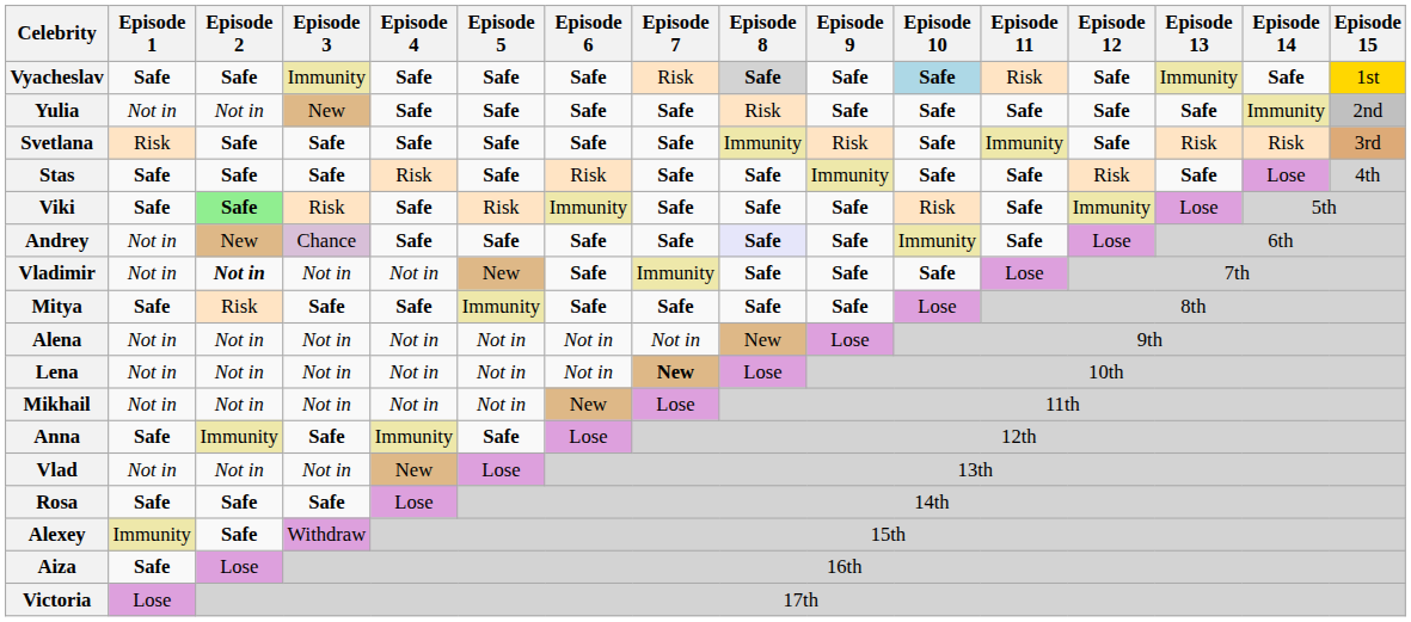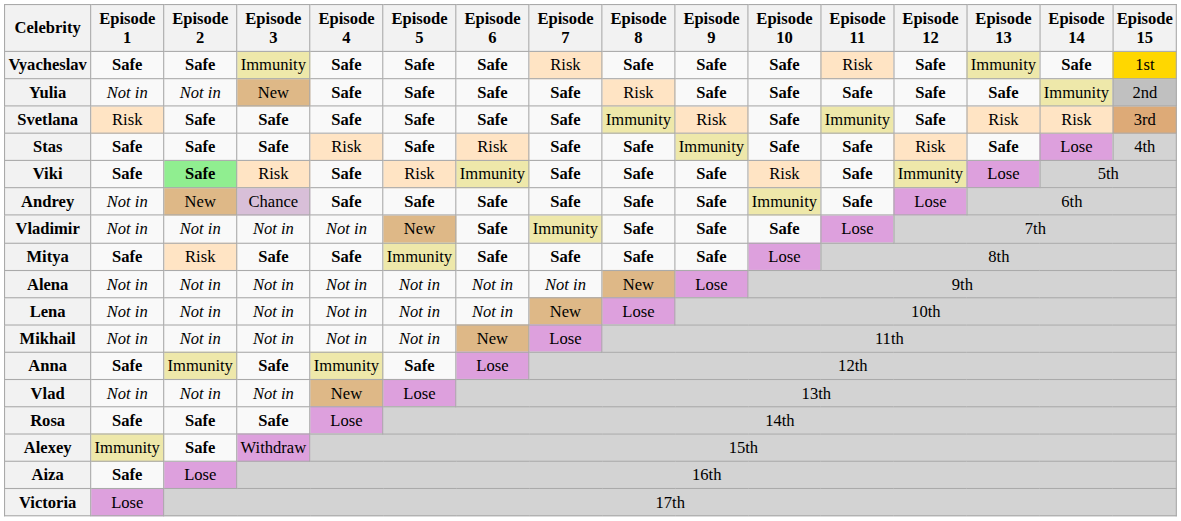 <table class="wikitable" style="text-align:center; font-size:95%; width:100%;">
 <tr>
 <th style="width:6%">Celebrity</th>
 <th style="width:6%">Episode 1</th>
 <th style="width:6%">Episode 2</th>
 <th style="width:6%">Episode 3</th>
 <th style="width:6%">Episode 4</th>
 <th style="width:6%">Episode 5</th>
 <th style="width:6%">Episode 6</th>
 <th style="width:6%">Episode 7</th>
 <th style="width:6%">Episode 8</th>
 <th style="width:6%">Episode 9</th>
 <th style="width:6%">Episode 10</th>
 <th style="width:6%">Episode 11</th>
 <th style="width:6%">Episode 12</th>
 <th style="width:6%">Episode 13</th>
 <th style="width:6%">Episode 14</th>
 <th style="width:6%">Episode 15</th>
 </tr>
 <tr>
 <th>Vyacheslav</th>
 <td><strong>Safe</strong></td>
 <td><strong>Safe</strong></td>
 <td style="background:#EEE8AA">Immunity</td>
 <td><strong>Safe</strong></td>
 <td><strong>Safe</strong></td>
 <td><strong>Safe</strong></td>
 <td style="background:#FFE4C4">Risk</td>
-<td style="background: lightgrey;"><strong>Safe</strong></td>
 <td><strong>Safe</strong></td>
-<td style="background: lightblue;"><strong>Safe</strong></td>
+<td><strong>Safe</strong></td>
+<td><strong>Safe</strong></td>
 <td style="background:#FFE4C4">Risk</td>
 <td><strong>Safe</strong></td>
 <td style="background:#EEE8AA">Immunity</td>
 <td><strong>Safe</strong></td>
 <td style="background:gold">1st</td>
 </tr>
 <tr>
 <th>Yulia</th>
 <td><em>Not in</em></td>
 <td><em>Not in</em></td>
 <td style="background:#DEB887">New</td>
 <td><strong>Safe</strong></td>
 <td><strong>Safe</strong></td>
 <td><strong>Safe</strong></td>
 <td><strong>Safe</strong></td>
 <td style="background:#FFE4C4">Risk</td>
 <td><strong>Safe</strong></td>
 <td><strong>Safe</strong></td>
 <td><strong>Safe</strong></td>
 <td><strong>Safe</strong></td>
 <td><strong>Safe</strong></td>
 <td style="background:#EEE8AA">Immunity</td>
 <td style="background:silver">2nd</td>
 </tr>
 <tr>
 <th>Svetlana</th>
 <td style="background:#FFE4C4">Risk</td>
 <td><strong>Safe</strong></td>
 <td><strong>Safe</strong></td>
 <td><strong>Safe</strong></td>
 <td><strong>Safe</strong></td>
 <td><strong>Safe</strong></td>
 <td><strong>Safe</strong></td>
 <td style="background:#EEE8AA">Immunity</td>
 <td style="background:#FFE4C4">Risk</td>
 <td><strong>Safe</strong></td>
 <td style="background:#EEE8AA">Immunity</td>
 <td><strong>Safe</strong></td>
 <td style="background:#FFE4C4">Risk</td>
 <td style="background:#FFE4C4">Risk</td>
 <td style="background:#da7">3rd</td>
 </tr>
 <tr>
 <th>Stas</th>
 <td><strong>Safe</strong></td>
 <td><strong>Safe</strong></td>
 <td><strong>Safe</strong></td>
 <td style="background:#FFE4C4">Risk</td>
 <td><strong>Safe</strong></td>
 <td style="background:#FFE4C4">Risk</td>
 <td><strong>Safe</strong></td>
 <td><strong>Safe</strong></td>
 <td style="background:#EEE8AA">Immunity</td>
 <td><strong>Safe</strong></td>
 <td><strong>Safe</strong></td>
 <td style="background:#FFE4C4">Risk</td>
 <td><strong>Safe</strong></td>
 <td style="background:#DDA0DD">Lose</td>
 <td style="background:lightgrey" colspan=1>4th</td>
 </tr>
 <tr>
 <th>Viki</th>
 <td><strong>Safe</strong></td>
 <td style="background: lightgreen;"><strong>Safe</strong></td>
 <td style="background:#FFE4C4">Risk</td>
 <td><strong>Safe</strong></td>
 <td style="background:#FFE4C4">Risk</td>
 <td style="background:#EEE8AA">Immunity</td>
 <td><strong>Safe</strong></td>
 <td><strong>Safe</strong></td>
 <td><strong>Safe</strong></td>
 <td style="background:#FFE4C4">Risk</td>
 <td><strong>Safe</strong></td>
 <td style="background:#EEE8AA">Immunity</td>
 <td style="background:#DDA0DD">Lose</td>
 <td style="background:lightgrey" colspan=2>5th</td>
 </tr>
 <tr>
 <th>Andrey</th>
 <td><em>Not in</em></td>
 <td style="background:#DEB887">New</td>
 <td style="background:#D8BFD8">Chance</td>
 <td><strong>Safe</strong></td>
 <td><strong>Safe</strong></td>
 <td><strong>Safe</strong></td>
 <td><strong>Safe</strong></td>
-<td style="background: lavender;"><strong>Safe</strong></td>
+<td><strong>Safe</strong></td>
 <td><strong>Safe</strong></td>
 <td style="background:#EEE8AA">Immunity</td>
 <td><strong>Safe</strong></td>
 <td style="background:#DDA0DD">Lose</td>
 <td style="background:lightgrey" colspan=3>6th</td>
 </tr>
 <tr>
 <th>Vladimir</th>
 <td><em>Not in</em></td>
-<td><strong><em>Not in</em></strong></td>
+<td><em>Not in</em></td>
 <td><em>Not in</em></td>
 <td><em>Not in</em></td>
 <td style="background:#DEB887">New</td>
 <td><strong>Safe</strong></td>
 <td style="background:#EEE8AA">Immunity</td>
 <td><strong>Safe</strong></td>
 <td><strong>Safe</strong></td>
 <td><strong>Safe</strong></td>
 <td style="background:#DDA0DD">Lose</td>
 <td style="background:lightgrey" colspan=4>7th</td>
 </tr>
 <tr>
 <th>Mitya</th>
 <td><strong>Safe</strong></td>
 <td style="background:#FFE4C4">Risk</td>
 <td><strong>Safe</strong></td>
 <td><strong>Safe</strong></td>
 <td style="background:#EEE8AA">Immunity</td>
 <td><strong>Safe</strong></td>
 <td><strong>Safe</strong></td>
 <td><strong>Safe</strong></td>
 <td><strong>Safe</strong></td>
 <td style="background:#DDA0DD">Lose</td>
 <td style="background:lightgrey" colspan=5>8th</td>
 </tr>
 <tr>
 <th>Alena</th>
 <td><em>Not in</em></td>
 <td><em>Not in</em></td>
 <td><em>Not in</em></td>
 <td><em>Not in</em></td>
 <td><em>Not in</em></td>
 <td><em>Not in</em></td>
 <td><em>Not in</em></td>
 <td style="background:#DEB887">New</td>
 <td style="background:#DDA0DD">Lose</td>
 <td style="background:lightgrey" colspan=6>9th</td>
 </tr>
 <tr>
 <th>Lena</th>
 <td><em>Not in</em></td>
 <td><em>Not in</em></td>
 <td><em>Not in</em></td>
 <td><em>Not in</em></td>
 <td><em>Not in</em></td>
 <td><em>Not in</em></td>
-<td style="background:#DEB887"><strong>New</strong></td>
+<td style="background:#DEB887">New</td>
 <td style="background:#DDA0DD">Lose</td>
 <td style="background:lightgrey" colspan=7>10th</td>
 </tr>
 <tr>
 <th>Mikhail</th>
 <td><em>Not in</em></td>
 <td><em>Not in</em></td>
 <td><em>Not in</em></td>
 <td><em>Not in</em></td>
 <td><em>Not in</em></td>
 <td style="background:#DEB887">New</td>
 <td style="background:#DDA0DD">Lose</td>
 <td style="background:lightgrey" colspan=8>11th</td>
 </tr>
 <tr>
 <th>Anna</th>
 <td><strong>Safe</strong></td>
 <td style="background:#EEE8AA">Immunity</td>
 <td><strong>Safe</strong></td>
 <td style="background:#EEE8AA">Immunity</td>
 <td><strong>Safe</strong></td>
 <td style="background:#DDA0DD">Lose</td>
 <td style="background:lightgrey" colspan=9>12th</td>
 </tr>
 <tr>
 <th>Vlad</th>
 <td><em>Not in</em></td>
 <td><em>Not in</em></td>
 <td><em>Not in</em></td>
 <td style="background:#DEB887">New</td>
 <td style="background:#DDA0DD">Lose</td>
 <td style="background:lightgrey" colspan=10>13th</td>
 </tr>
 <tr>
 <th>Rosa</th>
 <td><strong>Safe</strong></td>
 <td><strong>Safe</strong></td>
 <td><strong>Safe</strong></td>
 <td style="background:#DDA0DD">Lose</td>
 <td style="background:lightgrey" colspan=11>14th</td>
 </tr>
 <tr>
 <th>Alexey</th>
 <td style="background:#EEE8AA">Immunity</td>
 <td><strong>Safe</strong></td>
 <td style="background:#DDA0DD">Withdraw</td>
 <td style="background:lightgrey" colspan=12>15th</td>
 </tr>
 <tr>
 <th>Aiza</th>
 <td><strong>Safe</strong></td>
 <td style="background:#DDA0DD">Lose</td>
 <td style="background:lightgrey" colspan=13>16th</td>
 </tr>
 <tr>
 <th>Victoria</th>
 <td style="background:#DDA0DD">Lose</td>
 <td style="background:lightgrey" colspan=14>17th</td>
 </tr>
 </table>
